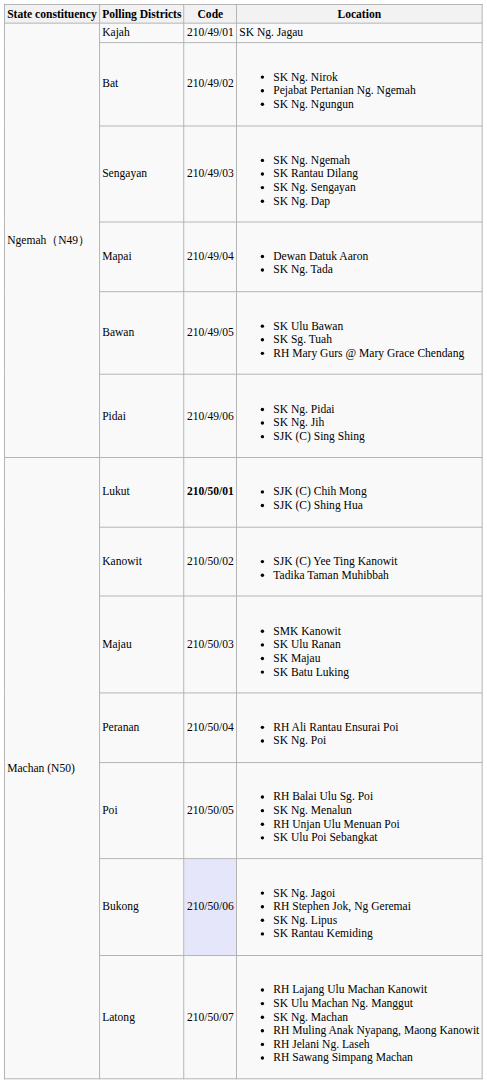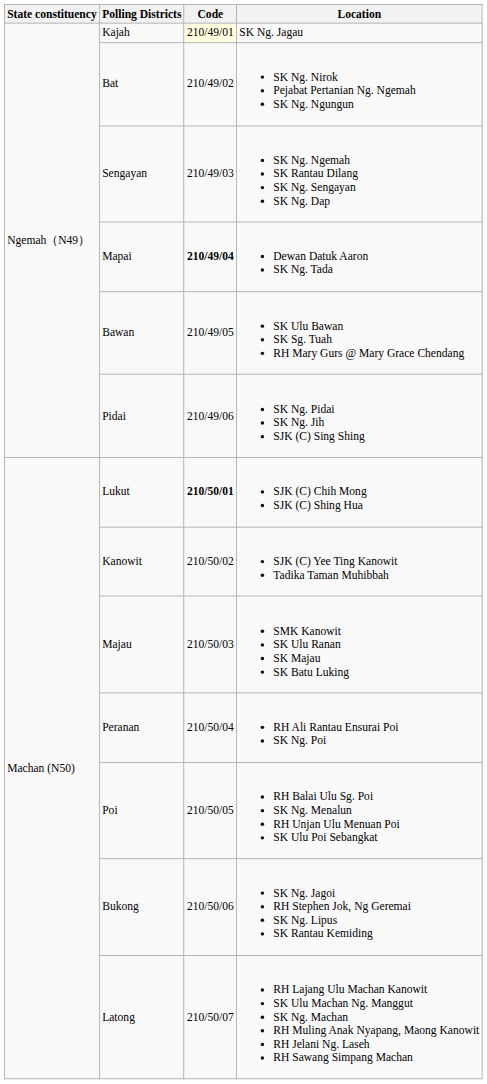 <table class="wikitable sortable mw-collapsible" style="white-space:nowrap;font-size:85%">
 <tr>
 <th>State constituency</th>
 <th>Polling Districts</th>
 <th>Code</th>
 <th>Location</th>
 </tr>
 <tr>
 <td rowspan="6">Ngemah（N49）</td>
 <td>Kajah</td>
-<td>210/49/01</td>
+<td style="background: lightyellow;">210/49/01</td>
 <td>SK Ng. Jagau</td>
 </tr>
 <tr>
 <td>Bat</td>
 <td>210/49/02</td>
 <td><br><ul><li>SK Ng. Nirok</li><li>Pejabat Pertanian Ng. Ngemah</li><li>SK Ng. Ngungun</li></ul></td>
 </tr>
 <tr>
 <td>Sengayan</td>
 <td>210/49/03</td>
 <td><br><ul><li>SK Ng. Ngemah</li><li>SK Rantau Dilang</li><li>SK Ng. Sengayan</li><li>SK Ng. Dap</li></ul></td>
 </tr>
 <tr>
 <td>Mapai</td>
-<td>210/49/04</td>
+<td><strong>210/49/04</strong></td>
 <td><br><ul><li>Dewan Datuk Aaron</li><li>SK Ng. Tada</li></ul></td>
 </tr>
 <tr>
 <td>Bawan</td>
 <td>210/49/05</td>
 <td><br><ul><li>SK Ulu Bawan</li><li>SK Sg. Tuah</li><li>RH Mary Gurs @ Mary Grace Chendang</li></ul></td>
 </tr>
 <tr>
 <td>Pidai</td>
 <td>210/49/06</td>
 <td><br><ul><li>SK Ng. Pidai</li><li>SK Ng. Jih</li><li>SJK (C) Sing Shing</li></ul></td>
 </tr>
 <tr>
 <td rowspan="7">Machan (N50)</td>
 <td>Lukut</td>
 <td><strong>210/50/01</strong></td>
 <td><br><ul><li>SJK (C) Chih Mong</li><li>SJK (C) Shing Hua</li></ul></td>
 </tr>
 <tr>
 <td>Kanowit</td>
 <td>210/50/02</td>
 <td><br><ul><li>SJK (C) Yee Ting Kanowit</li><li>Tadika Taman Muhibbah</li></ul></td>
 </tr>
 <tr>
 <td>Majau</td>
 <td>210/50/03</td>
 <td><br><ul><li>SMK Kanowit</li><li>SK Ulu Ranan</li><li>SK Majau</li><li>SK Batu Luking</li></ul></td>
 </tr>
 <tr>
 <td>Peranan</td>
 <td>210/50/04</td>
 <td><br><ul><li>RH Ali Rantau Ensurai Poi</li><li>SK Ng. Poi</li></ul></td>
 </tr>
 <tr>
 <td>Poi</td>
 <td>210/50/05</td>
 <td><br><ul><li>RH Balai Ulu Sg. Poi</li><li>SK Ng. Menalun</li><li>RH Unjan Ulu Menuan Poi</li><li>SK Ulu Poi Sebangkat</li></ul></td>
 </tr>
 <tr>
 <td>Bukong</td>
-<td style="background: lavender;">210/50/06</td>
+<td>210/50/06</td>
 <td><br><ul><li>SK Ng. Jagoi</li><li>RH Stephen Jok, Ng Geremai</li><li>SK Ng. Lipus</li><li>SK Rantau Kemiding</li></ul></td>
 </tr>
 <tr>
 <td>Latong</td>
 <td>210/50/07</td>
 <td><br><ul><li>RH Lajang Ulu Machan Kanowit</li><li>SK Ulu Machan Ng. Manggut</li><li>SK Ng. Machan</li><li>RH Muling Anak Nyapang, Maong Kanowit</li><li>RH Jelani Ng. Laseh</li><li>RH Sawang Simpang Machan</li></ul></td>
 </tr>
 </table>
